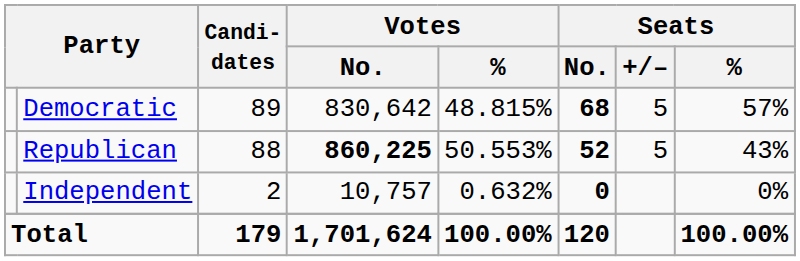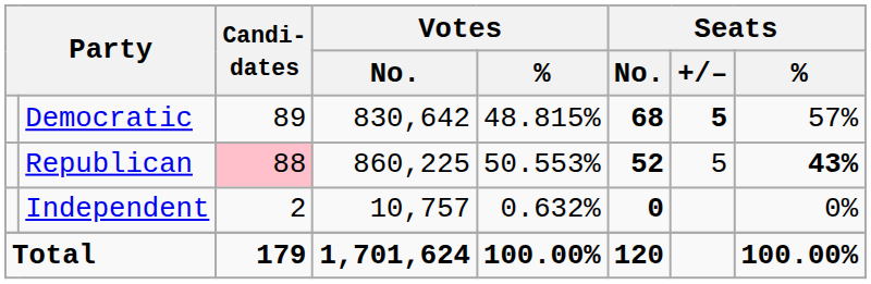 <table class="wikitable" style="font-size:100%; text-align:right;">
 <tr>
 <th colspan=2 rowspan=2>Party</th>
 <th rowspan=2><small>Candi-<br>dates</small></th>
 <th colspan=2>Votes</th>
 <th colspan=3>Seats</th>
 </tr>
 <tr>
 <th>No.</th>
 <th>%</th>
 <th>No.</th>
 <th>+/–</th>
 <th>%</th>
 </tr>
 <tr>
 <td style="background:"></td>
 <td align=left><a href='#'>Democratic</a></td>
 <td>89</td>
 <td>830,642</td>
 <td>48.815%</td>
 <td><strong>68</strong></td>
-<td>5</td>
+<td><strong>5</strong></td>
 <td>57%</td>
 </tr>
 <tr>
 <td style="background:"></td>
 <td align=left><a href='#'>Republican</a></td>
-<td>88</td>
-<td><strong>860,225</strong></td>
+<td style="background: pink;">88</td>
+<td>860,225</td>
 <td>50.553%</td>
 <td><strong>52</strong></td>
 <td>5</td>
-<td>43%</td>
+<td><strong>43%</strong></td>
 </tr>
 <tr>
 <td style=“background:></td>
 <td align=left><a href='#'>Independent</a></td>
 <td>2</td>
 <td>10,757</td>
 <td>0.632%</td>
 <td><strong>0</strong></td>
 <td></td>
 <td>0%</td>
 </tr>
 <tr>
 </tr>
 <tr style="font-weight:bold">
 <td colspan=2 align=left>Total</td>
 <td>179</td>
 <td>1,701,624</td>
 <td>100.00%</td>
 <td>120</td>
 <td></td>
 <td>100.00%</td>
 </tr>
 </table>
